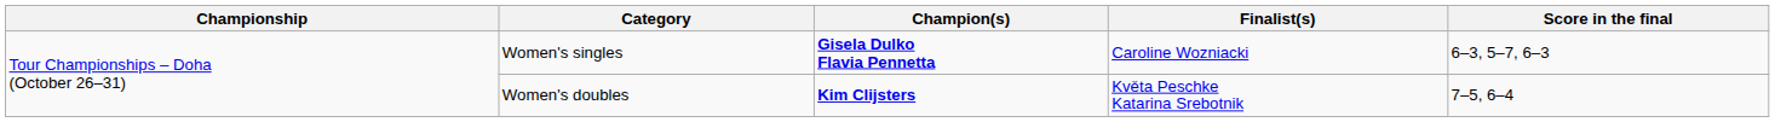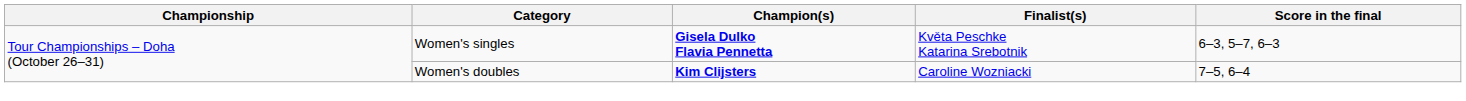 <table class="wikitable" style="font-size:90%;" width=100%>
 <tr>
 <th>Championship</th>
 <th>Category</th>
 <th>Champion(s)</th>
 <th>Finalist(s)</th>
 <th>Score in the final</th>
 </tr>
 <tr>
 <td rowspan="2"><a href='#'>Tour Championships – Doha</a><br>(October 26–31)</td>
 <td>Women's singles</td>
 <td> <strong><a href='#'>Gisela Dulko</a></strong> <br> <strong><a href='#'>Flavia Pennetta</a></strong></td>
-<td> <a href='#'>Caroline Wozniacki</a></td>
+<td> <a href='#'>Květa Peschke</a> <br> <a href='#'>Katarina Srebotnik</a></td>
 <td>6–3, 5–7, 6–3</td>
 </tr>
 <tr>
 <td>Women's doubles</td>
 <td> <strong><a href='#'>Kim Clijsters</a></strong></td>
-<td> <a href='#'>Květa Peschke</a> <br> <a href='#'>Katarina Srebotnik</a></td>
+<td> <a href='#'>Caroline Wozniacki</a></td>
 <td>7–5, 6–4</td>
 </tr>
 </table>
